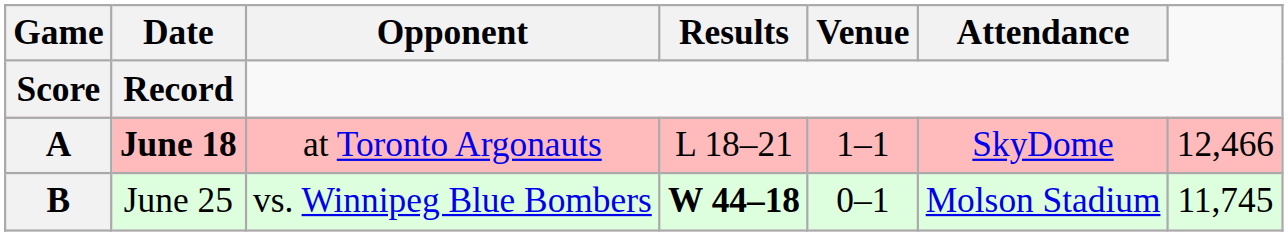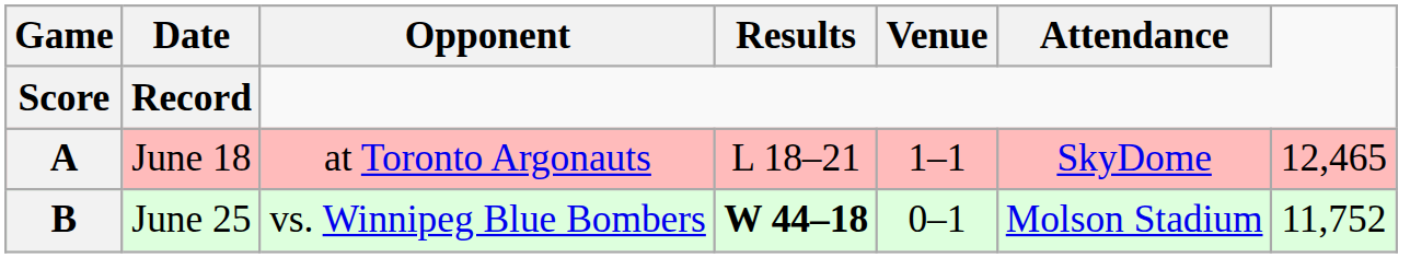 <table class="wikitable" style="text-align:center">
 <tr>
 <th scope="col">Game</th>
 <th scope="col">Date</th>
 <th scope="col">Opponent</th>
 <th scope="col">Results</th>
 <th scope="col">Venue</th>
 <th scope="col">Attendance</th>
 </tr>
 <tr>
 <th scope="col">Score</th>
 <th scope="col">Record</th>
 </tr>
 <tr style="background:#ffbbbb">
 <th>A</th>
-<td><strong>June 18</strong></td>
+<td>June 18</td>
 <td>at <a href='#'>Toronto Argonauts</a></td>
 <td>L 18–21</td>
 <td>1–1</td>
 <td><a href='#'>SkyDome</a></td>
-<td>12,466</td>
+<td>12,465</td>
 </tr>
 <tr style="background:#ddffdd">
 <th>B</th>
 <td>June 25</td>
 <td>vs. <a href='#'>Winnipeg Blue Bombers</a></td>
 <td><strong>W 44–18</strong></td>
 <td>0–1</td>
 <td><a href='#'>Molson Stadium</a></td>
-<td>11,745</td>
+<td>11,752</td>
 </tr>
 </table>
